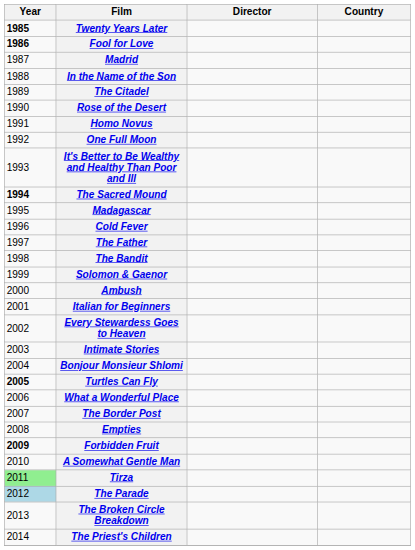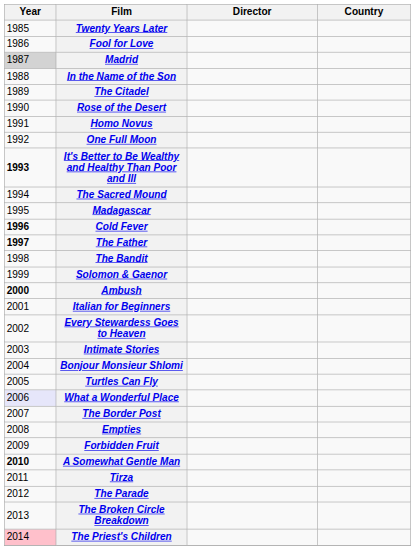 <table class="sortable wikitable plainrowheaders">
 <tr>
 <th scope="col" width=75>Year</th>
 <th scope="col" width=200>Film</th>
 <th scope="col" width=200>Director</th>
 <th scope="col" width=140>Country</th>
 </tr>
 <tr>
-<td align=left><strong>1985 </strong></td>
+<td align=left>1985 </td>
 <th scope=row><em><a href='#'>Twenty Years Later</a></em></th>
 <td></td>
 <td></td>
 </tr>
 <tr>
-<td align=left><strong>1986 </strong></td>
+<td align=left>1986 </td>
 <th scope=row><em><a href='#'>Fool for Love</a></em></th>
 <td></td>
 <td></td>
 </tr>
 <tr>
-<td align=left>1987 </td>
+<td align=left style="background: lightgrey;">1987 </td>
 <th scope=row><em><a href='#'>Madrid</a></em></th>
 <td></td>
 <td></td>
 </tr>
 <tr>
 <td align=left>1988 </td>
 <th scope=row><em><a href='#'>In the Name of the Son</a></em></th>
 <td></td>
 <td></td>
 </tr>
 <tr>
 <td align=left>1989 </td>
 <th scope=row><em><a href='#'>The Citadel</a></em></th>
 <td></td>
 <td></td>
 </tr>
 <tr>
 <td align=left>1990 </td>
 <th scope=row><em><a href='#'>Rose of the Desert</a></em></th>
 <td></td>
 <td></td>
 </tr>
 <tr>
 <td align=left>1991 </td>
 <th scope=row><em><a href='#'>Homo Novus</a></em></th>
 <td></td>
 <td></td>
 </tr>
 <tr>
 <td align=left>1992 </td>
 <th scope=row><em><a href='#'>One Full Moon</a></em></th>
 <td></td>
 <td></td>
 </tr>
 <tr>
-<td align=left>1993 </td>
+<td align=left><strong>1993 </strong></td>
 <th scope=row><em><a href='#'>It's Better to Be Wealthy and Healthy Than Poor and Ill</a></em></th>
 <td></td>
 <td></td>
 </tr>
 <tr>
-<td align=left><strong>1994 </strong></td>
+<td align=left>1994 </td>
 <th scope=row><em><a href='#'>The Sacred Mound</a></em></th>
 <td></td>
 <td></td>
 </tr>
 <tr>
 <td align=left>1995 </td>
 <th scope=row><em><a href='#'>Madagascar</a></em></th>
 <td></td>
 <td></td>
 </tr>
 <tr>
-<td align=left>1996 </td>
+<td align=left><strong>1996 </strong></td>
 <th scope=row><em><a href='#'>Cold Fever</a></em></th>
 <td></td>
 <td></td>
 </tr>
 <tr>
-<td align=left>1997 </td>
+<td align=left><strong>1997 </strong></td>
 <th scope=row><em><a href='#'>The Father</a></em></th>
 <td></td>
 <td></td>
 </tr>
 <tr>
 <td align=left>1998 </td>
 <th scope=row><em><a href='#'>The Bandit</a></em></th>
 <td></td>
 <td></td>
 </tr>
 <tr>
 <td align=left>1999 </td>
 <th scope=row><em><a href='#'>Solomon & Gaenor</a></em></th>
 <td></td>
 <td></td>
 </tr>
 <tr>
-<td align=left>2000 </td>
+<td align=left><strong>2000 </strong></td>
 <th scope=row><em><a href='#'>Ambush</a></em></th>
 <td></td>
 <td></td>
 </tr>
 <tr>
 <td align=left>2001 </td>
 <th scope=row><em><a href='#'>Italian for Beginners</a></em></th>
 <td></td>
 <td></td>
 </tr>
 <tr>
 <td align=left>2002 </td>
 <th scope=row><em><a href='#'>Every Stewardess Goes to Heaven</a></em></th>
 <td></td>
 <td></td>
 </tr>
 <tr>
 <td align=left>2003 </td>
 <th scope=row><em><a href='#'>Intimate Stories</a></em></th>
 <td></td>
 <td></td>
 </tr>
 <tr>
 <td align=left>2004 </td>
 <th scope=row><em><a href='#'>Bonjour Monsieur Shlomi</a></em></th>
 <td></td>
 <td></td>
 </tr>
 <tr>
-<td align=left><strong>2005 </strong></td>
+<td align=left>2005 </td>
 <th scope=row><em><a href='#'>Turtles Can Fly</a></em></th>
 <td></td>
 <td></td>
 </tr>
 <tr>
-<td align=left>2006 </td>
+<td align=left style="background: lavender;">2006 </td>
 <th scope=row><em><a href='#'>What a Wonderful Place</a></em></th>
 <td></td>
 <td></td>
 </tr>
 <tr>
 <td align=left>2007 </td>
 <th scope=row><em><a href='#'>The Border Post</a></em></th>
 <td></td>
 <td></td>
 </tr>
 <tr>
 <td align=left>2008 </td>
 <th scope=row><em><a href='#'>Empties</a></em></th>
 <td></td>
 <td></td>
 </tr>
 <tr>
-<td align=left><strong>2009 </strong></td>
+<td align=left>2009 </td>
 <th scope=row><em><a href='#'>Forbidden Fruit</a></em></th>
 <td></td>
 <td></td>
 </tr>
 <tr>
-<td align=left>2010 </td>
+<td align=left><strong>2010 </strong></td>
 <th scope=row><em><a href='#'>A Somewhat Gentle Man</a></em></th>
 <td></td>
 <td></td>
 </tr>
 <tr>
-<td align=left style="background: lightgreen;">2011 </td>
+<td align=left>2011 </td>
 <th scope=row><em><a href='#'>Tirza</a></em></th>
 <td></td>
 <td></td>
 </tr>
 <tr>
-<td align=left style="background: lightblue;">2012 </td>
+<td align=left>2012 </td>
 <th scope=row><em><a href='#'>The Parade</a></em></th>
 <td></td>
 <td></td>
 </tr>
 <tr>
 <td align=left>2013 </td>
 <th scope=row><em><a href='#'>The Broken Circle Breakdown</a></em></th>
 <td></td>
 <td></td>
 </tr>
 <tr>
-<td align=left>2014 </td>
+<td align=left style="background: pink;">2014 </td>
 <th scope=row><em><a href='#'>The Priest's Children</a></em></th>
 <td></td>
 <td></td>
 </tr>
 <tr>
 </tr>
 </table>
